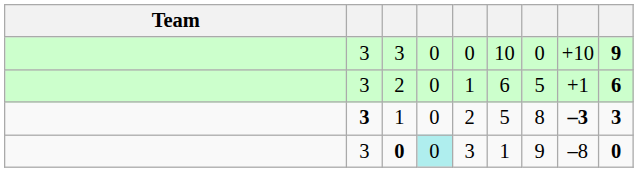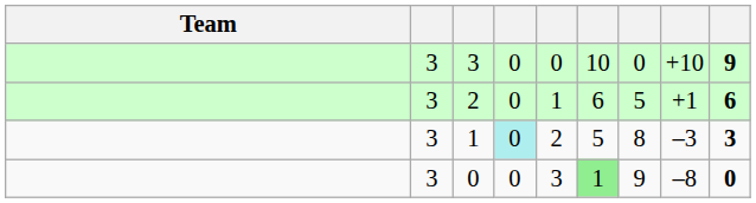 <table class="wikitable" style="text-align: center;">
 <tr>
 <th width="260">Team</th>
 <th width="20"></th>
 <th width="20"></th>
 <th width="20"></th>
 <th width="20"></th>
 <th width="20"></th>
 <th width="20"></th>
 <th width="20"></th>
 <th width="20"></th>
 </tr>
 <tr bgcolor=ccffcc>
 <td align=left></td>
 <td>3</td>
 <td>3</td>
 <td>0</td>
 <td>0</td>
 <td>10</td>
 <td>0</td>
 <td>+10</td>
 <td><strong>9</strong></td>
 </tr>
 <tr bgcolor=ccffcc>
 <td align=left></td>
 <td>3</td>
 <td>2</td>
 <td>0</td>
 <td>1</td>
 <td>6</td>
 <td>5</td>
 <td>+1</td>
 <td><strong>6</strong></td>
 </tr>
 <tr>
 <td align=left></td>
-<td><strong>3</strong></td>
+<td>3</td>
 <td>1</td>
-<td>0</td>
+<td style="background: paleturquoise;">0</td>
 <td>2</td>
 <td>5</td>
 <td>8</td>
-<td><strong>–3</strong></td>
+<td>–3</td>
 <td><strong>3</strong></td>
 </tr>
 <tr>
 <td align=left></td>
 <td>3</td>
-<td><strong>0</strong></td>
-<td style="background: paleturquoise;">0</td>
+<td>0</td>
+<td>0</td>
 <td>3</td>
-<td>1</td>
+<td style="background: lightgreen;">1</td>
 <td>9</td>
 <td>–8</td>
 <td><strong>0</strong></td>
 </tr>
 </table>
